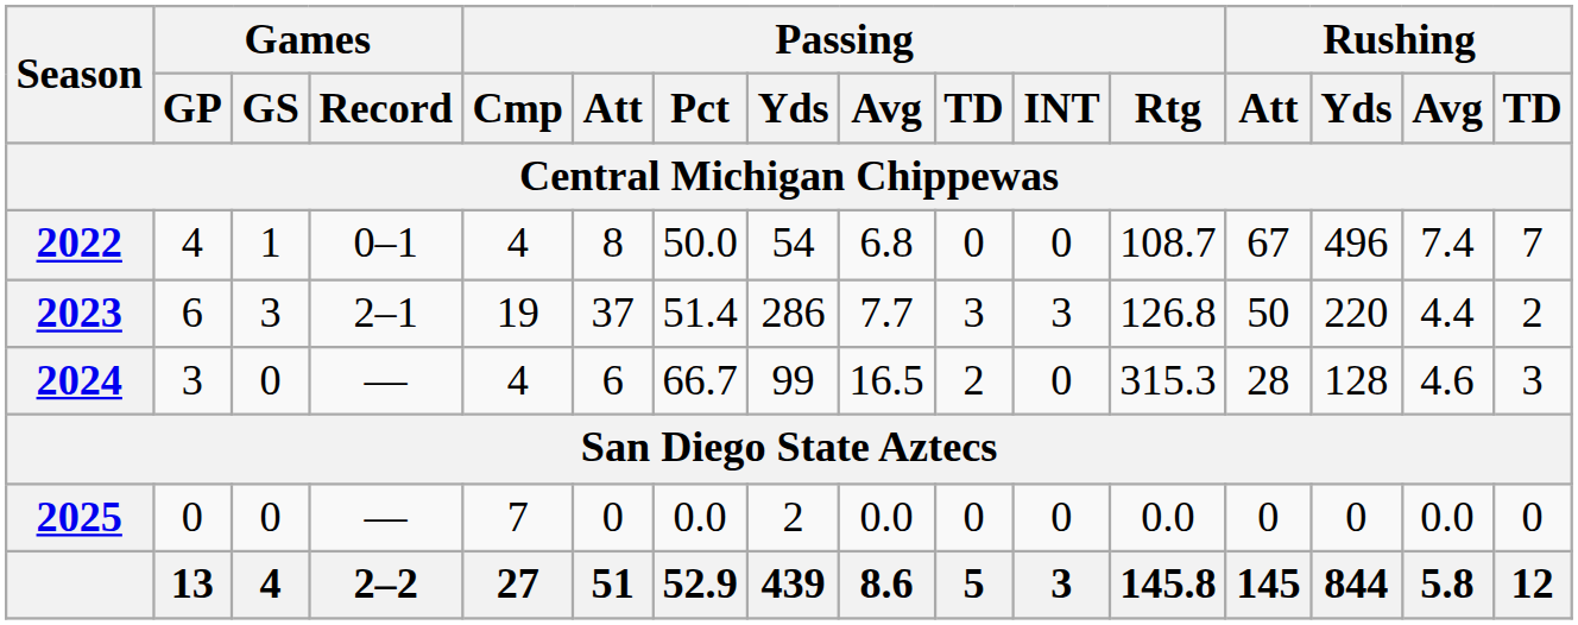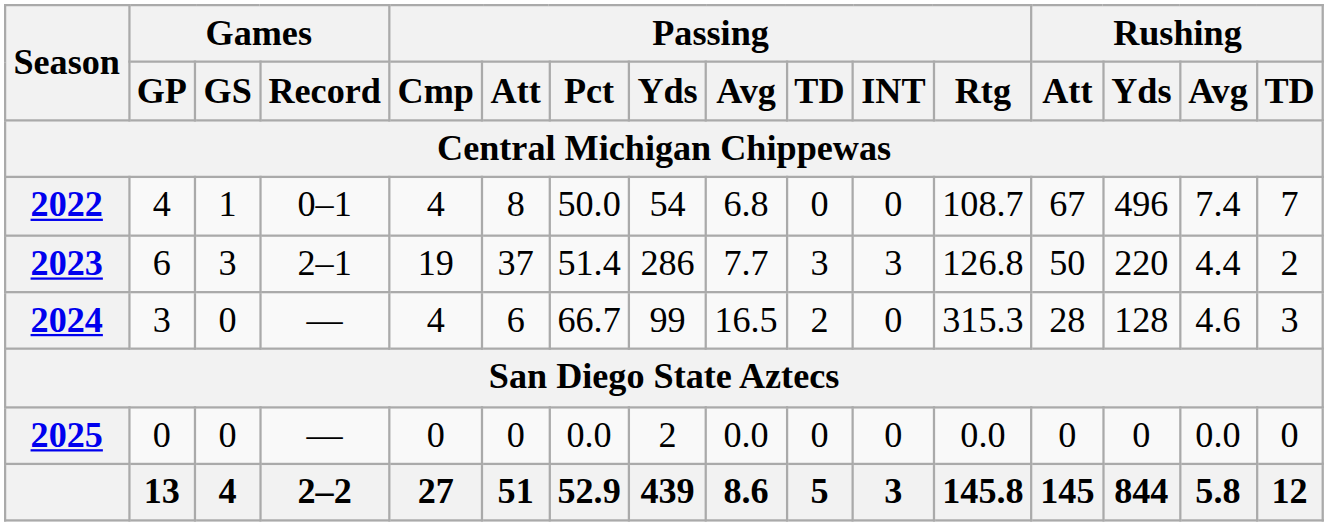 <table class="wikitable" style="text-align:center;">
 <tr>
 <th rowspan="2">Season</th>
 <th colspan="3">Games</th>
 <th colspan="8">Passing</th>
 <th colspan="4">Rushing</th>
 </tr>
 <tr>
 <th>GP</th>
 <th>GS</th>
 <th>Record</th>
 <th>Cmp</th>
 <th>Att</th>
 <th>Pct</th>
 <th>Yds</th>
 <th>Avg</th>
 <th>TD</th>
 <th>INT</th>
 <th>Rtg</th>
 <th>Att</th>
 <th>Yds</th>
 <th>Avg</th>
 <th>TD</th>
 </tr>
 <tr>
 <th colspan="16">Central Michigan Chippewas</th>
 </tr>
 <tr>
 <th><a href='#'>2022</a></th>
 <td>4</td>
 <td>1</td>
 <td>0–1</td>
 <td>4</td>
 <td>8</td>
 <td>50.0</td>
 <td>54</td>
 <td>6.8</td>
 <td>0</td>
 <td>0</td>
 <td>108.7</td>
 <td>67</td>
 <td>496</td>
 <td>7.4</td>
 <td>7</td>
 </tr>
 <tr>
 <th><a href='#'>2023</a></th>
 <td>6</td>
 <td>3</td>
 <td>2–1</td>
 <td>19</td>
 <td>37</td>
 <td>51.4</td>
 <td>286</td>
 <td>7.7</td>
 <td>3</td>
 <td>3</td>
 <td>126.8</td>
 <td>50</td>
 <td>220</td>
 <td>4.4</td>
 <td>2</td>
 </tr>
 <tr>
 <th><a href='#'>2024</a></th>
 <td>3</td>
 <td>0</td>
 <td>—</td>
 <td>4</td>
 <td>6</td>
 <td>66.7</td>
 <td>99</td>
 <td>16.5</td>
 <td>2</td>
 <td>0</td>
 <td>315.3</td>
 <td>28</td>
 <td>128</td>
 <td>4.6</td>
 <td>3</td>
 </tr>
 <tr>
 <th colspan="16">San Diego State Aztecs</th>
 </tr>
 <tr>
 <th><a href='#'>2025</a></th>
 <td>0</td>
 <td>0</td>
 <td>—</td>
-<td>7</td>
+<td>0</td>
 <td>0</td>
 <td>0.0</td>
 <td>2</td>
 <td>0.0</td>
 <td>0</td>
 <td>0</td>
 <td>0.0</td>
 <td>0</td>
 <td>0</td>
 <td>0.0</td>
 <td>0</td>
 </tr>
 <tr>
 <th></th>
 <th>13</th>
 <th>4</th>
 <th>2–2</th>
 <th>27</th>
 <th>51</th>
 <th>52.9</th>
 <th>439</th>
 <th>8.6</th>
 <th>5</th>
 <th>3</th>
 <th>145.8</th>
 <th>145</th>
 <th>844</th>
 <th>5.8</th>
 <th>12</th>
 </tr>
 </table>
